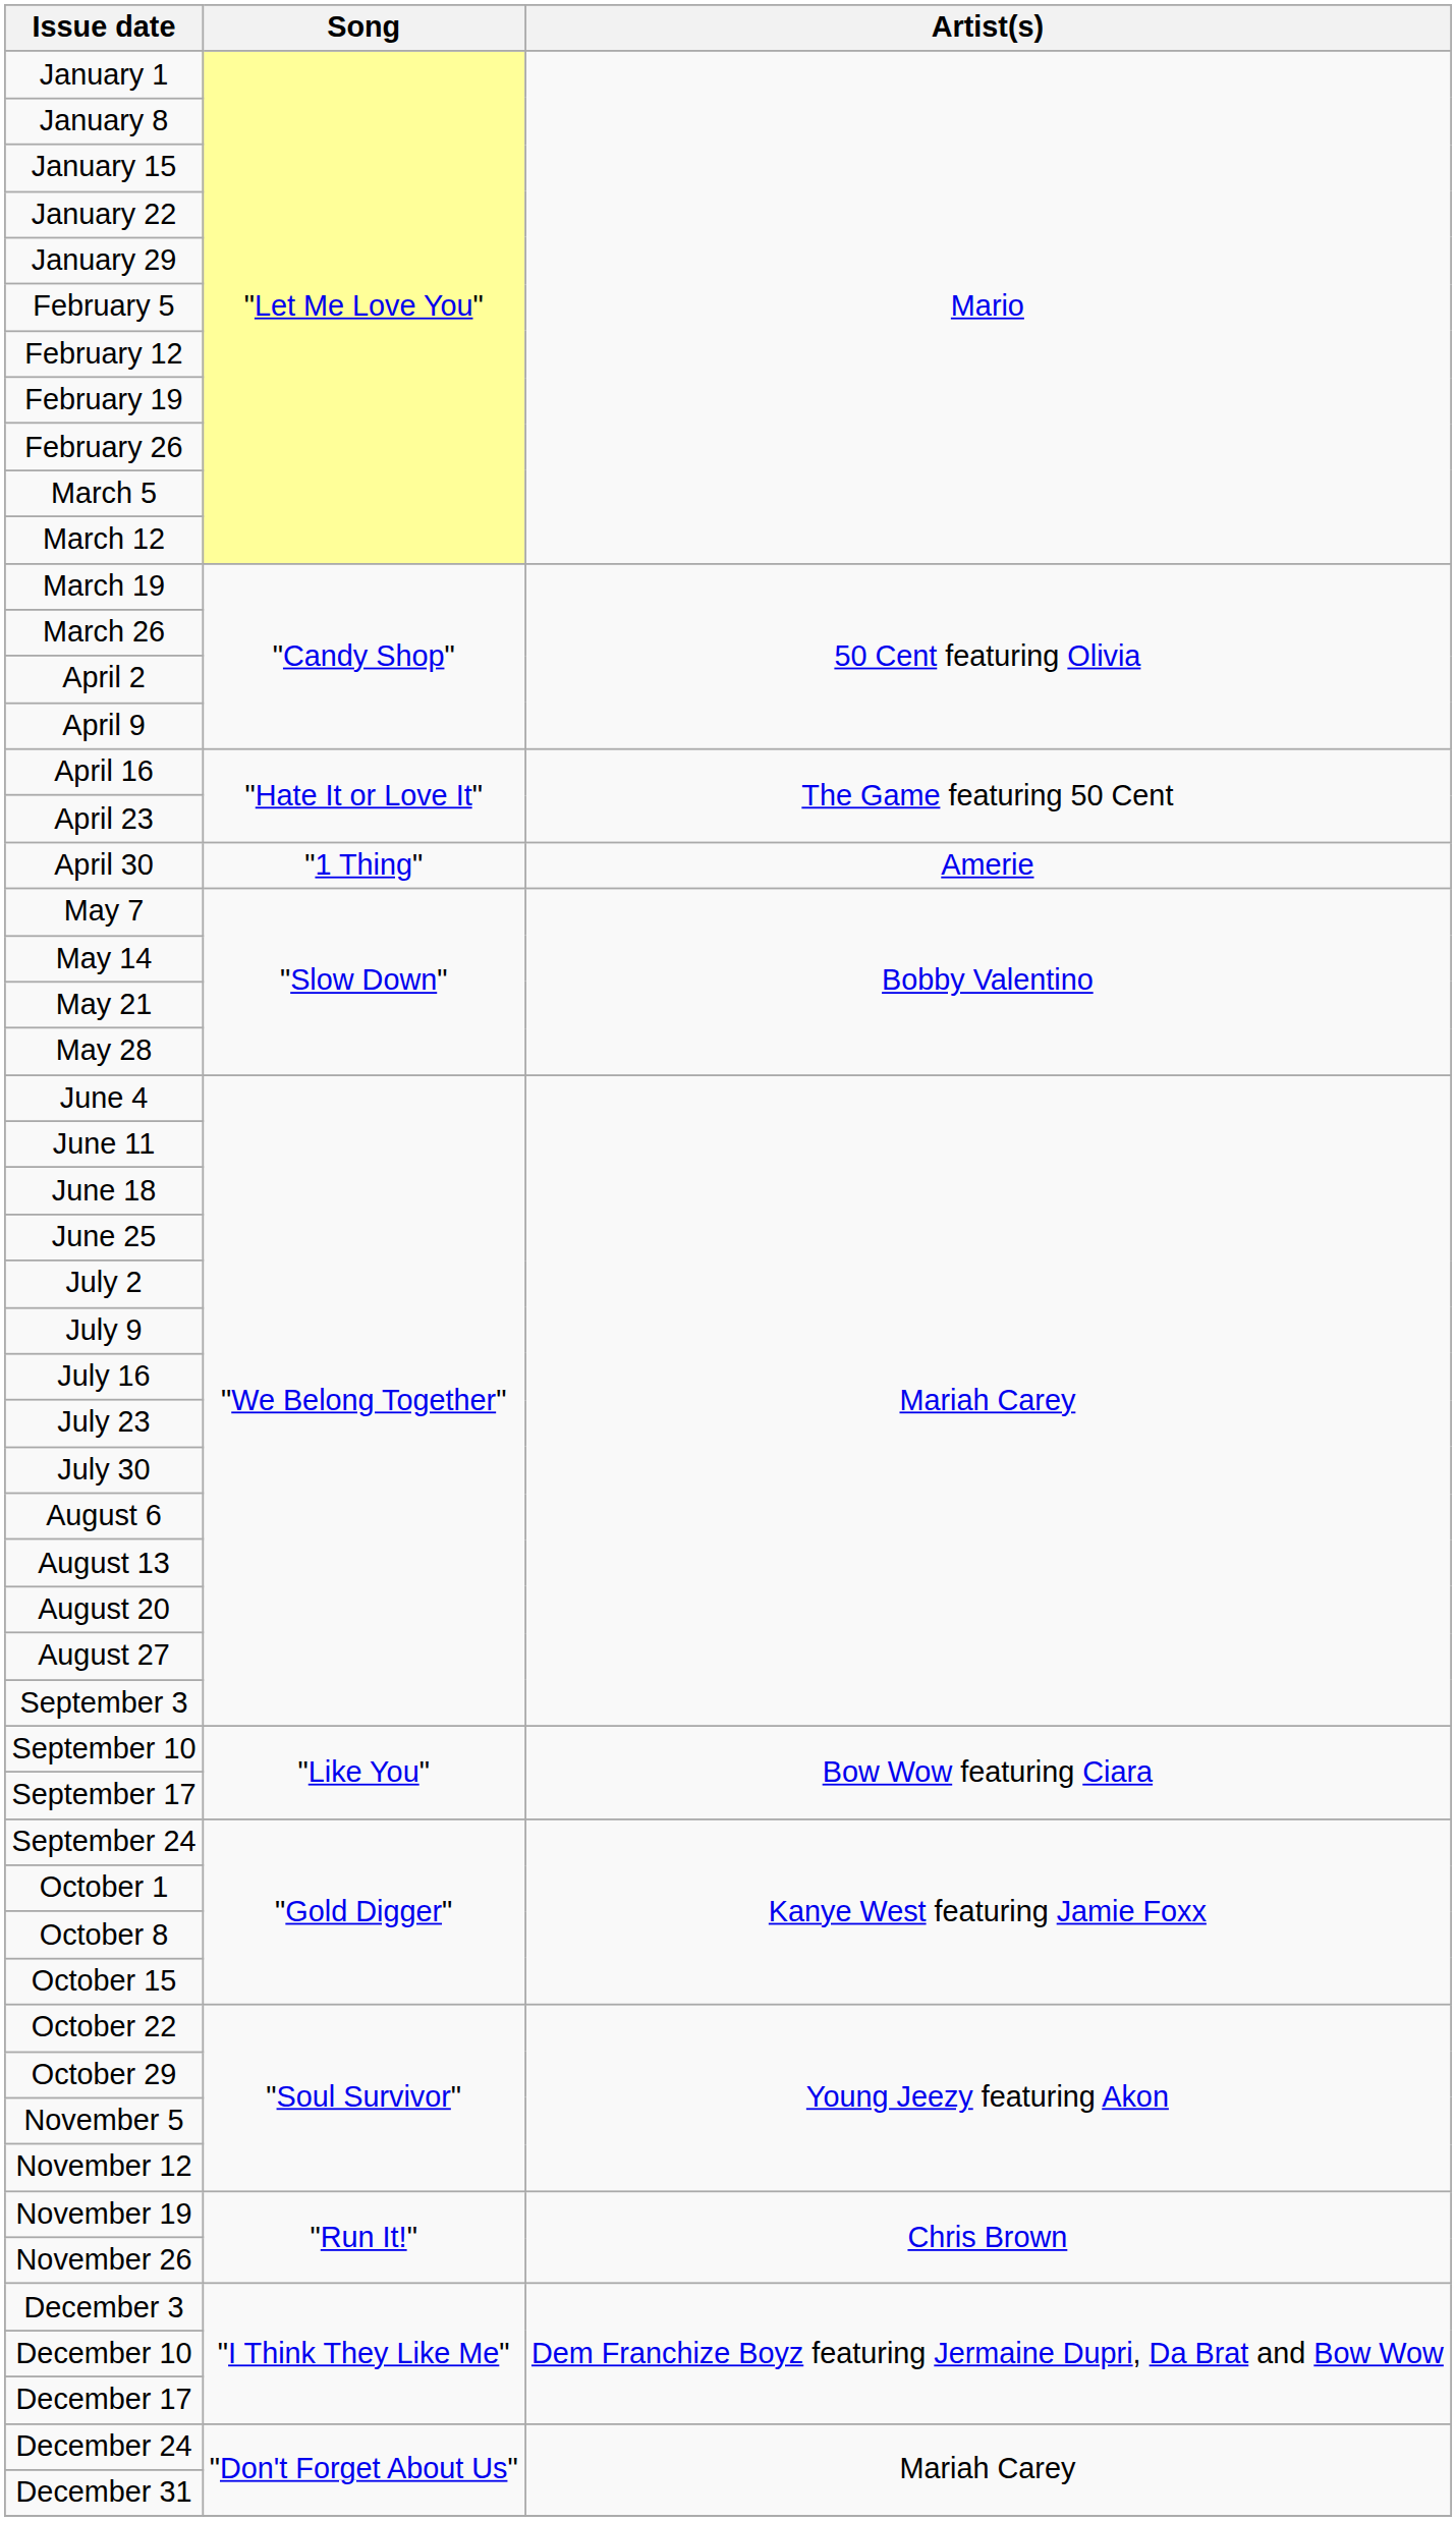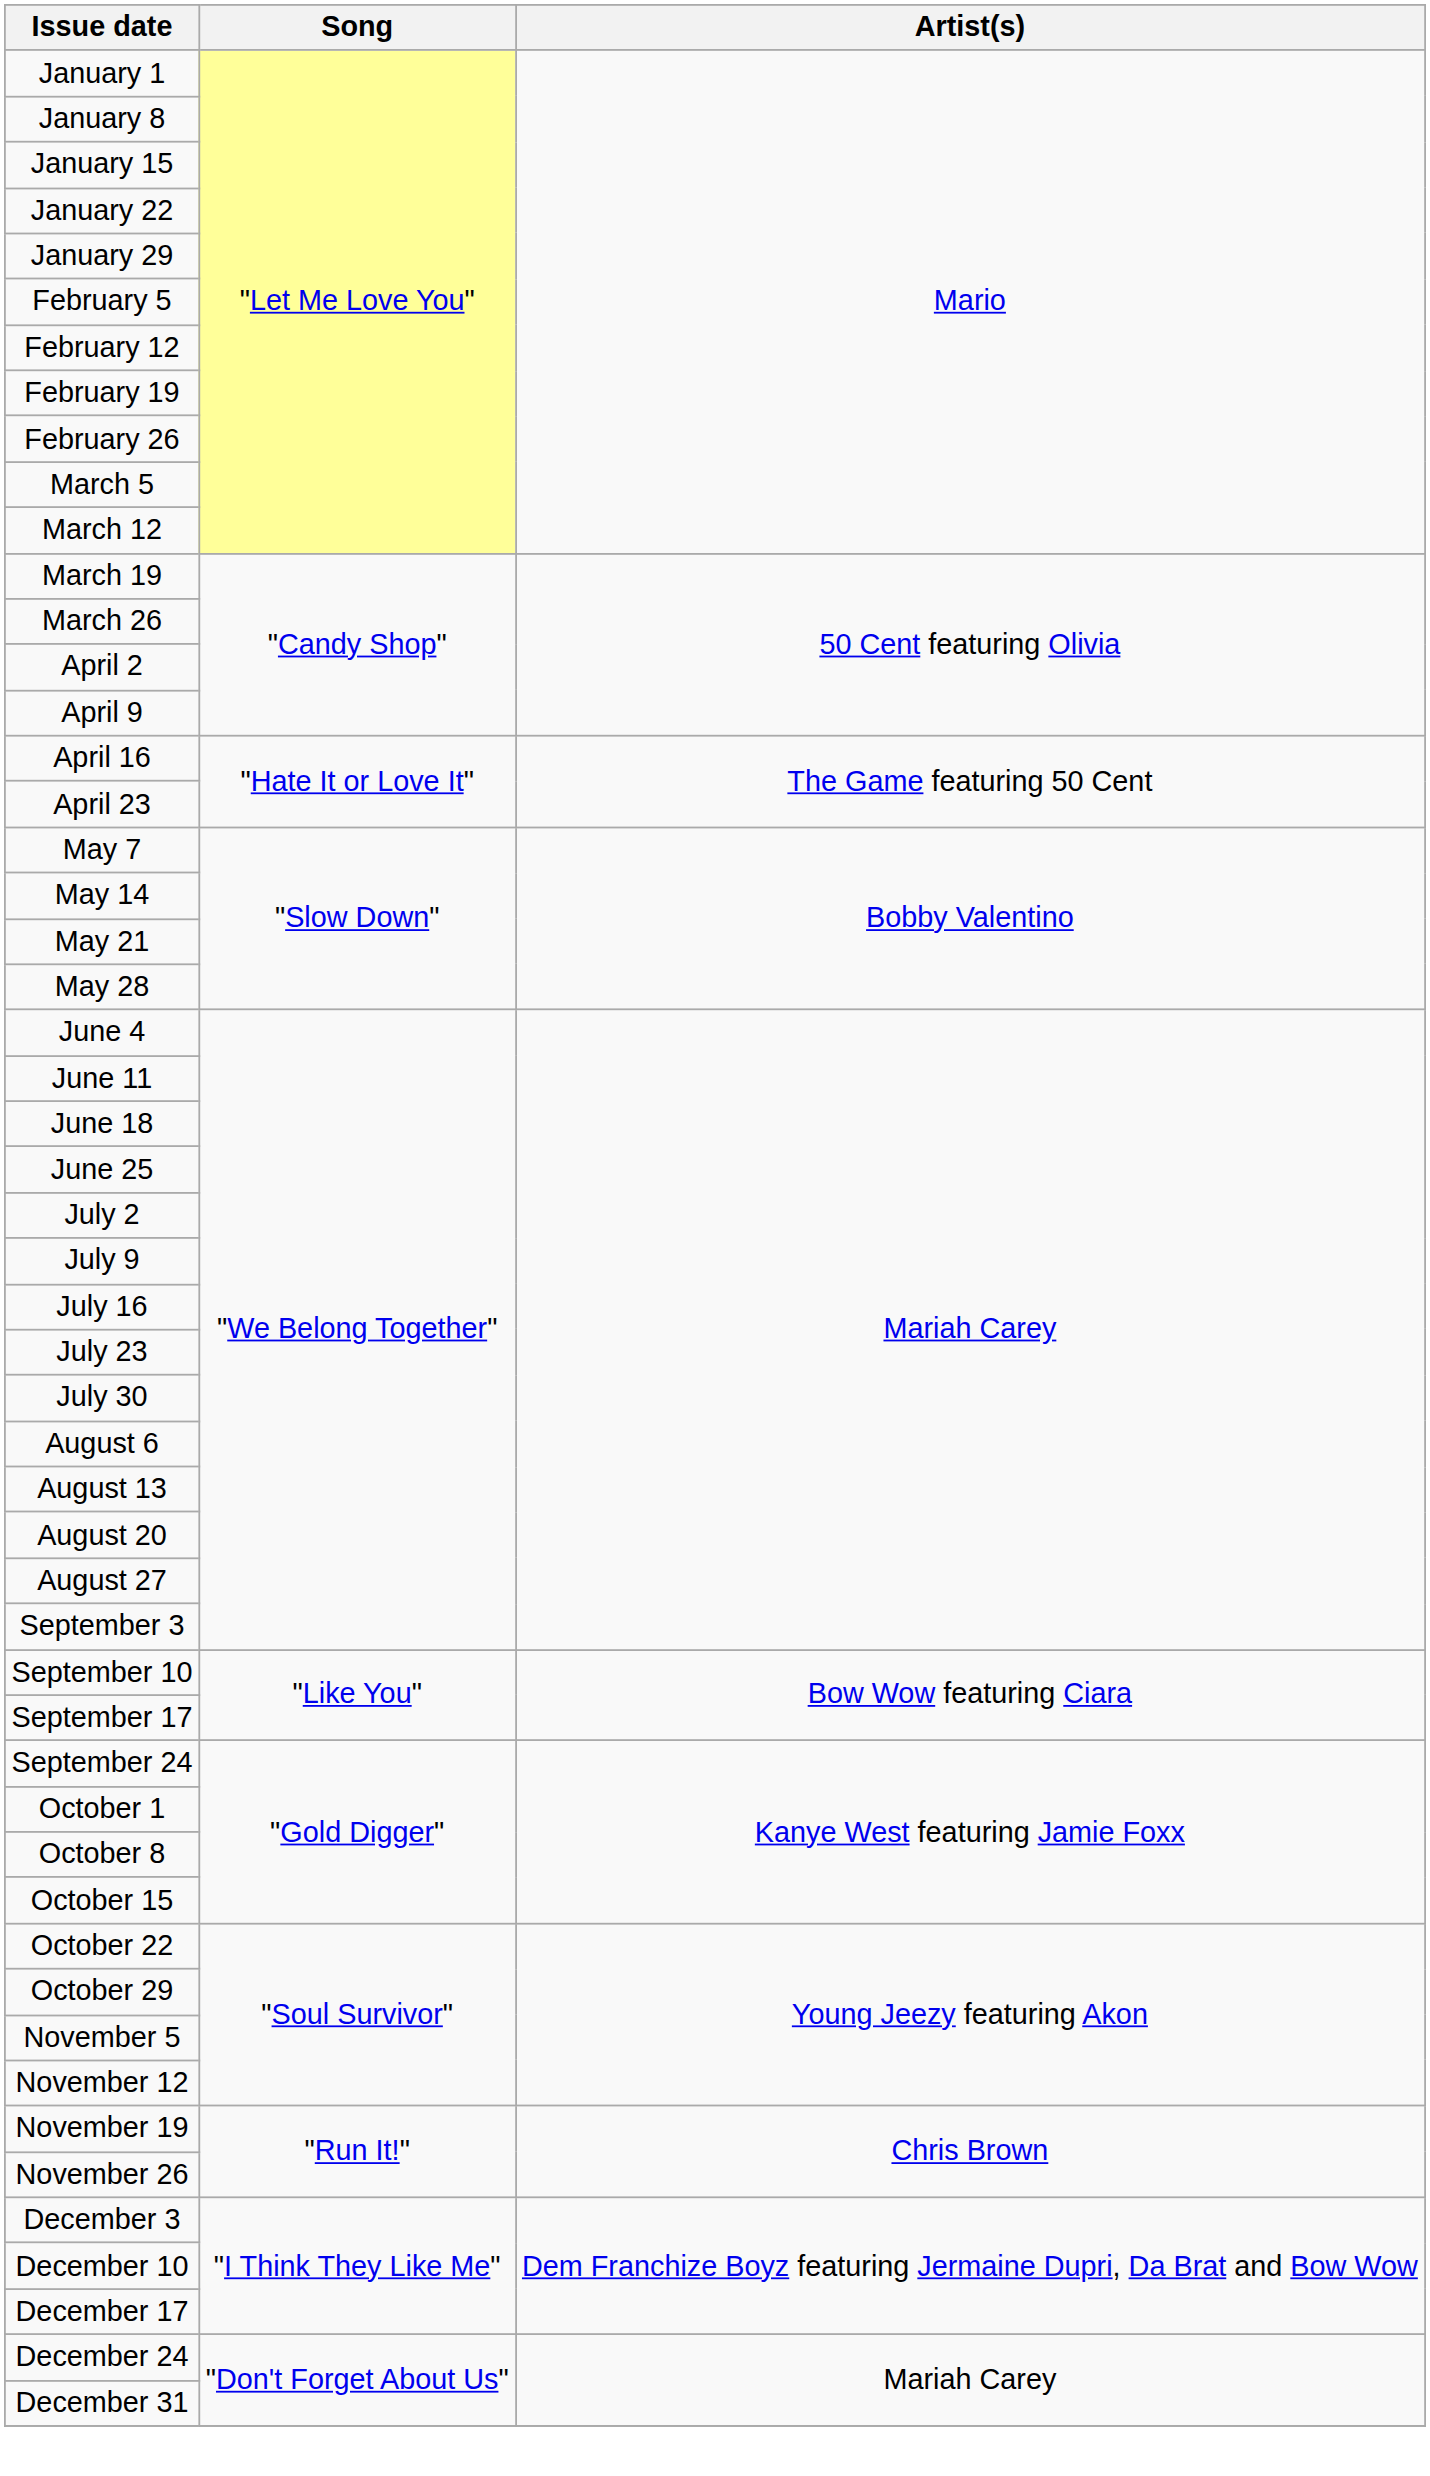 <table class="wikitable plainrowheaders" style="text-align: center">
 <tr>
 <th>Issue date</th>
 <th>Song</th>
 <th>Artist(s)</th>
 </tr>
 <tr>
 <td>January 1</td>
 <td bgcolor=#FFFF99 rowspan="11">"<a href='#'>Let Me Love You</a>" </td>
 <td rowspan="11"><a href='#'>Mario</a></td>
 </tr>
 <tr>
 <td>January 8</td>
 </tr>
 <tr>
 <td>January 15</td>
 </tr>
 <tr>
 <td>January 22</td>
 </tr>
 <tr>
 <td>January 29</td>
 </tr>
 <tr>
 <td>February 5</td>
 </tr>
 <tr>
 <td>February 12</td>
 </tr>
 <tr>
 <td>February 19</td>
 </tr>
 <tr>
 <td>February 26</td>
 </tr>
 <tr>
 <td>March 5</td>
 </tr>
 <tr>
 <td>March 12</td>
 </tr>
 <tr>
 <td>March 19</td>
 <td rowspan="4">"<a href='#'>Candy Shop</a>"</td>
 <td rowspan="4"><a href='#'>50 Cent</a> featuring <a href='#'>Olivia</a></td>
 </tr>
 <tr>
 <td>March 26</td>
 </tr>
 <tr>
 <td>April 2</td>
 </tr>
 <tr>
 <td>April 9</td>
 </tr>
 <tr>
 <td>April 16</td>
 <td rowspan="2">"<a href='#'>Hate It or Love It</a>"</td>
 <td rowspan="2"><a href='#'>The Game</a> featuring 50 Cent</td>
 </tr>
 <tr>
 <td>April 23</td>
-</tr>
-<tr>
-<td>April 30</td>
-<td>"<a href='#'>1 Thing</a>"</td>
-<td><a href='#'>Amerie</a></td>
 </tr>
 <tr>
 <td>May 7</td>
 <td rowspan="4">"<a href='#'>Slow Down</a>"</td>
 <td rowspan="4"><a href='#'>Bobby Valentino</a></td>
 </tr>
 <tr>
 <td>May 14</td>
 </tr>
 <tr>
 <td>May 21</td>
 </tr>
 <tr>
 <td>May 28</td>
 </tr>
 <tr>
 <td>June 4</td>
 <td rowspan="14">"<a href='#'>We Belong Together</a>"</td>
 <td rowspan="14"><a href='#'>Mariah Carey</a></td>
 </tr>
 <tr>
 <td>June 11</td>
 </tr>
 <tr>
 <td>June 18</td>
 </tr>
 <tr>
 <td>June 25</td>
 </tr>
 <tr>
 <td>July 2</td>
 </tr>
 <tr>
 <td>July 9</td>
 </tr>
 <tr>
 <td>July 16</td>
 </tr>
 <tr>
 <td>July 23</td>
 </tr>
 <tr>
 <td>July 30</td>
 </tr>
 <tr>
 <td>August 6</td>
 </tr>
 <tr>
 <td>August 13</td>
 </tr>
 <tr>
 <td>August 20</td>
 </tr>
 <tr>
 <td>August 27</td>
 </tr>
 <tr>
 <td>September 3</td>
 </tr>
 <tr>
 <td>September 10</td>
 <td rowspan="2">"<a href='#'>Like You</a>"</td>
 <td rowspan="2"><a href='#'>Bow Wow</a> featuring <a href='#'>Ciara</a></td>
 </tr>
 <tr>
 <td>September 17</td>
 </tr>
 <tr>
 <td>September 24</td>
 <td rowspan="4">"<a href='#'>Gold Digger</a>"</td>
 <td rowspan="4"><a href='#'>Kanye West</a> featuring <a href='#'>Jamie Foxx</a></td>
 </tr>
 <tr>
 <td>October 1</td>
 </tr>
 <tr>
 <td>October 8</td>
 </tr>
 <tr>
 <td>October 15</td>
 </tr>
 <tr>
 <td>October 22</td>
 <td rowspan="4">"<a href='#'>Soul Survivor</a>"</td>
 <td rowspan="4"><a href='#'>Young Jeezy</a> featuring <a href='#'>Akon</a></td>
 </tr>
 <tr>
 <td>October 29</td>
 </tr>
 <tr>
 <td>November 5</td>
 </tr>
 <tr>
 <td>November 12</td>
 </tr>
 <tr>
 <td>November 19</td>
 <td rowspan="2">"<a href='#'>Run It!</a>"</td>
 <td rowspan="2"><a href='#'>Chris Brown</a></td>
 </tr>
 <tr>
 <td>November 26</td>
 </tr>
 <tr>
 <td>December 3</td>
 <td rowspan="3">"<a href='#'>I Think They Like Me</a>"</td>
 <td rowspan="3"><a href='#'>Dem Franchize Boyz</a> featuring <a href='#'>Jermaine Dupri</a>, <a href='#'>Da Brat</a> and <a href='#'>Bow Wow</a></td>
 </tr>
 <tr>
 <td>December 10</td>
 </tr>
 <tr>
 <td>December 17</td>
 </tr>
 <tr>
 <td>December 24</td>
 <td rowspan="2">"<a href='#'>Don't Forget About Us</a>"</td>
 <td rowspan="2">Mariah Carey</td>
 </tr>
 <tr>
 <td>December 31</td>
 </tr>
 <tr>
 </tr>
 </table>
